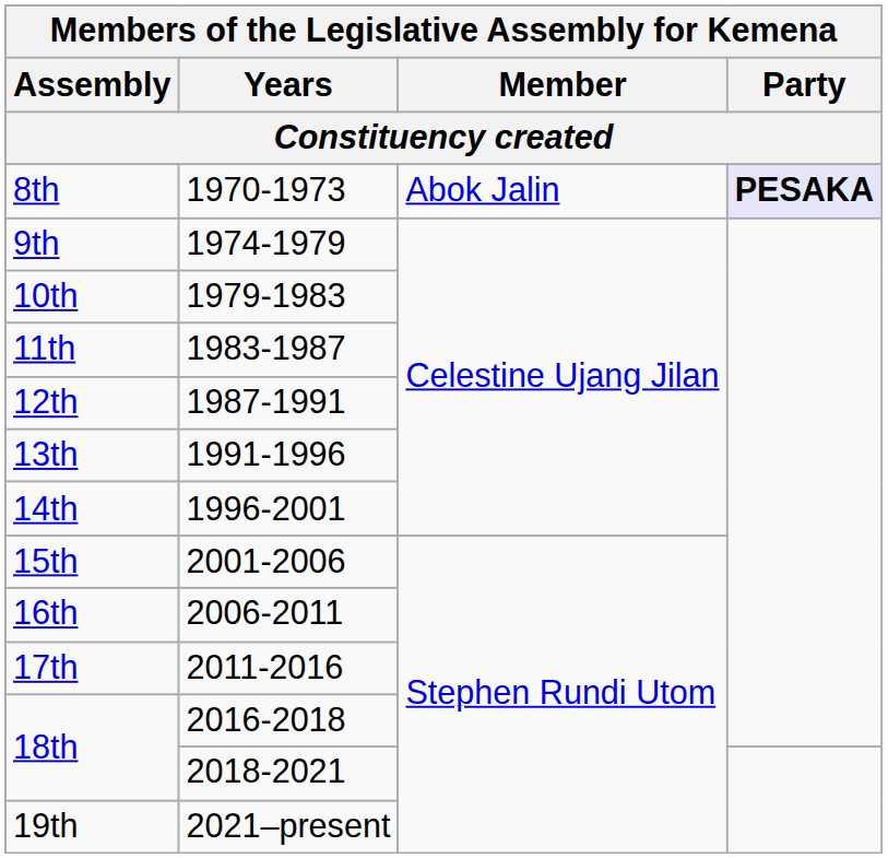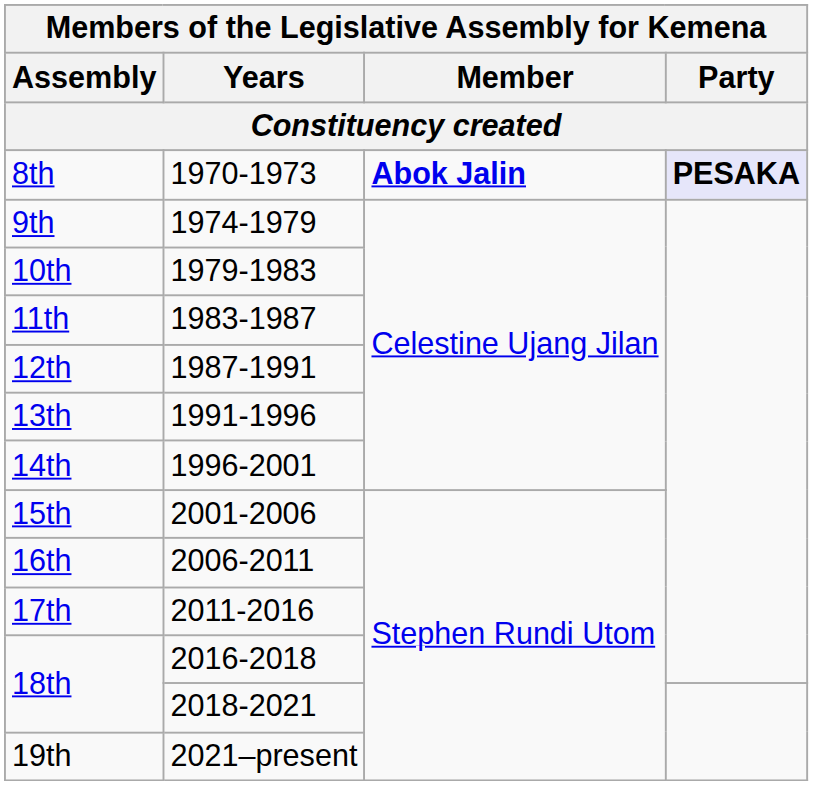 <table class=wikitable>
 <tr>
 <th colspan="4">Members of the Legislative Assembly for Kemena</th>
 </tr>
 <tr>
 <th>Assembly</th>
 <th>Years</th>
 <th>Member</th>
 <th>Party</th>
 </tr>
 <tr>
 <th colspan=4 align=center><em>Constituency created</em></th>
 </tr>
 <tr>
 <td><a href='#'>8th</a></td>
 <td>1970-1973</td>
-<td><a href='#'>Abok Jalin</a></td>
+<td><strong><a href='#'>Abok Jalin</a></strong></td>
 <td style="background: lavender;"><strong>PESAKA</strong></td>
 </tr>
 <tr>
 <td><a href='#'>9th</a></td>
 <td>1974-1979</td>
 <td rowspan=6><a href='#'>Celestine Ujang Jilan</a></td>
 <td rowspan=10></td>
 </tr>
 <tr>
 <td><a href='#'>10th</a></td>
 <td>1979-1983</td>
 </tr>
 <tr>
 <td><a href='#'>11th</a></td>
 <td>1983-1987</td>
 </tr>
 <tr>
 <td><a href='#'>12th</a></td>
 <td>1987-1991</td>
 </tr>
 <tr>
 <td><a href='#'>13th</a></td>
 <td>1991-1996</td>
 </tr>
 <tr>
 <td><a href='#'>14th</a></td>
 <td>1996-2001</td>
 </tr>
 <tr>
 <td><a href='#'>15th</a></td>
 <td>2001-2006</td>
 <td rowspan="6"><a href='#'>Stephen Rundi Utom</a></td>
 </tr>
 <tr>
 <td><a href='#'>16th</a></td>
 <td>2006-2011</td>
 </tr>
 <tr>
 <td><a href='#'>17th</a></td>
 <td>2011-2016</td>
 </tr>
 <tr>
 <td rowspan="2"><a href='#'>18th</a></td>
 <td>2016-2018</td>
 </tr>
 <tr>
 <td>2018-2021</td>
 <td rowspan="2"></td>
 </tr>
 <tr>
 <td>19th</td>
 <td>2021–present</td>
 </tr>
 </table>
